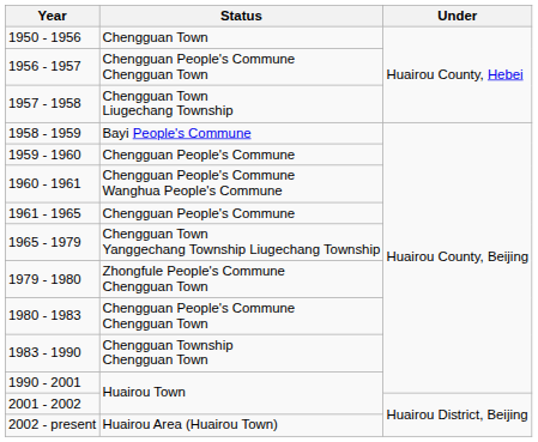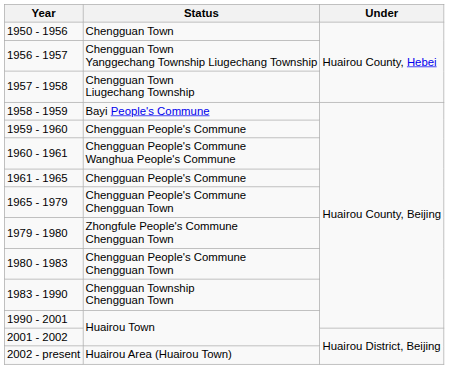 <table class="wikitable">
 <tr>
 <th>Year</th>
 <th>Status</th>
 <th>Under</th>
 </tr>
 <tr>
 <td>1950 - 1956</td>
 <td>Chengguan Town</td>
 <td rowspan="3">Huairou County, <a href='#'>Hebei</a></td>
 </tr>
 <tr>
 <td>1956 - 1957</td>
-<td>Chengguan People's Commune<br>Chengguan Town</td>
+<td>Chengguan Town<br>Yanggechang Township Liugechang Township</td>
 </tr>
 <tr>
 <td>1957 - 1958</td>
 <td>Chengguan Town<br>Liugechang Township</td>
 </tr>
 <tr>
 <td>1958 - 1959</td>
 <td>Bayi <a href='#'>People's Commune</a></td>
 <td rowspan="9">Huairou County, Beijing</td>
 </tr>
 <tr>
 <td>1959 - 1960</td>
 <td>Chengguan People's Commune</td>
 </tr>
 <tr>
 <td>1960 - 1961</td>
 <td>Chengguan People's Commune<br>Wanghua People's Commune</td>
 </tr>
 <tr>
 <td>1961 - 1965</td>
 <td>Chengguan People's Commune</td>
 </tr>
 <tr>
 <td>1965 - 1979</td>
-<td>Chengguan Town<br>Yanggechang Township Liugechang Township</td>
+<td>Chengguan People's Commune<br>Chengguan Town</td>
 </tr>
 <tr>
 <td>1979 - 1980</td>
 <td>Zhongfule People's Commune<br>Chengguan Town</td>
 </tr>
 <tr>
 <td>1980 - 1983</td>
 <td>Chengguan People's Commune<br>Chengguan Town</td>
 </tr>
 <tr>
 <td>1983 - 1990</td>
 <td>Chengguan Township<br>Chengguan Town</td>
 </tr>
 <tr>
 <td>1990 - 2001</td>
 <td rowspan="2">Huairou Town</td>
 </tr>
 <tr>
 <td>2001 - 2002</td>
 <td rowspan="2">Huairou District, Beijing</td>
 </tr>
 <tr>
 <td>2002 - present</td>
 <td>Huairou Area (Huairou Town)</td>
 </tr>
 </table>
